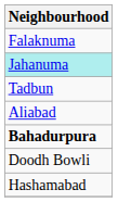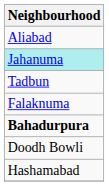 <table class="wikitable sortable static-row-numbers static-row-header-hash">
 <tr>
 <th>Neighbourhood</th>
 </tr>
 <tr>
-<td><a href='#'>Falaknuma</a></td>
+<td><a href='#'>Aliabad</a></td>
 </tr>
 <tr>
 <td style="background: paleturquoise;"><a href='#'>Jahanuma</a></td>
 </tr>
 <tr>
 <td><a href='#'>Tadbun</a></td>
 </tr>
 <tr>
-<td><a href='#'>Aliabad</a></td>
+<td><a href='#'>Falaknuma</a></td>
 </tr>
 <tr>
 <td><strong>Bahadurpura</strong></td>
 </tr>
 <tr>
 <td>Doodh Bowli</td>
 </tr>
 <tr>
 <td>Hashamabad</td>
 </tr>
 <tr>
 </tr>
 </table>
